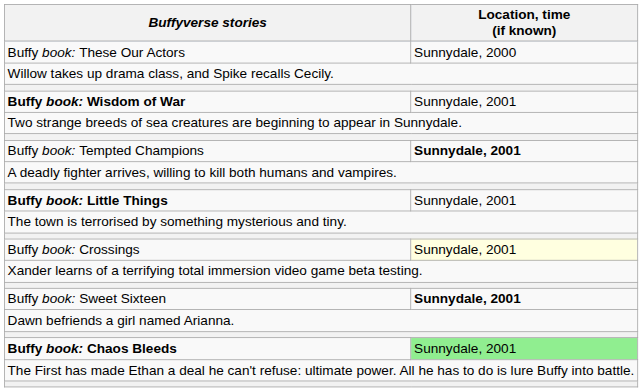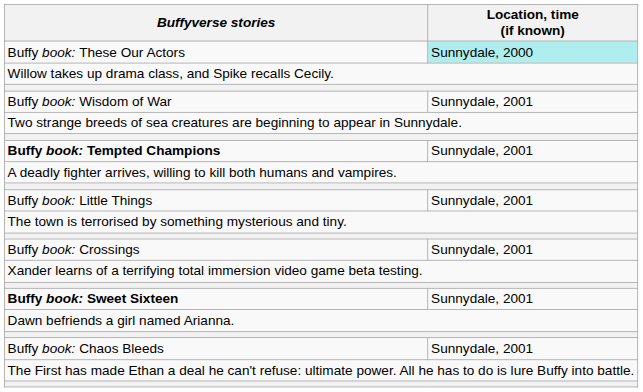 <table class="wikitable">
 <tr bgcolor="lightsteelblue" align=left>
 <th><strong><em>Buffyverse<em> stories<strong></th>
 <th></strong>Location, time<strong> <br>  (if known)</th>
 </tr>
 <tr>
 <td></em>Buffy<em> book: </em>These Our Actors<em></td>
-<td>Sunnydale, 2000</td>
+<td style="background: paleturquoise;">Sunnydale, 2000</td>
 </tr>
 <tr>
 <td colspan="4">Willow takes up drama class, and Spike recalls Cecily.</td>
 </tr>
 <tr>
 <td colspan="6" bgcolor="#f2f2f2"></td>
 </tr>
 <tr>
-<td><strong></em>Buffy<em> book: </em>Wisdom of War<em></strong></td>
+<td></em>Buffy<em> book: </em>Wisdom of War<em></td>
 <td>Sunnydale, 2001</td>
 </tr>
 <tr>
 <td colspan="4">Two strange breeds of sea creatures are beginning to appear in Sunnydale.</td>
 </tr>
 <tr>
 <td colspan="6" bgcolor="#f2f2f2"></td>
 </tr>
 <tr>
-<td></em>Buffy<em> book: </em>Tempted Champions<em></td>
-<td><strong>Sunnydale, 2001</strong></td>
+<td><strong></em>Buffy<em> book: </em>Tempted Champions<em></strong></td>
+<td>Sunnydale, 2001</td>
 </tr>
 <tr>
 <td colspan="4">A deadly fighter arrives, willing to kill both humans and vampires.</td>
 </tr>
 <tr>
 <td colspan="6" bgcolor="#f2f2f2"></td>
 </tr>
 <tr>
-<td><strong></em>Buffy<em> book: </em>Little Things<em></strong></td>
+<td></em>Buffy<em> book: </em>Little Things<em></td>
 <td>Sunnydale, 2001</td>
 </tr>
 <tr>
 <td colspan="4">The town is terrorised by something mysterious and tiny.</td>
 </tr>
 <tr>
 <td colspan="6" bgcolor="#f2f2f2"></td>
 </tr>
 <tr>
 <td></em>Buffy<em> book: </em>Crossings<em></td>
-<td style="background: lightyellow;">Sunnydale, 2001</td>
+<td>Sunnydale, 2001</td>
 </tr>
 <tr>
 <td colspan="4">Xander learns of a terrifying total immersion video game beta testing.</td>
 </tr>
 <tr>
 <td colspan="6" bgcolor="#f2f2f2"></td>
 </tr>
 <tr>
-<td></em>Buffy<em> book: </em>Sweet Sixteen<em></td>
-<td><strong>Sunnydale, 2001</strong></td>
+<td><strong></em>Buffy<em> book: </em>Sweet Sixteen<em></strong></td>
+<td>Sunnydale, 2001</td>
 </tr>
 <tr>
 <td colspan="4">Dawn befriends a girl named Arianna.</td>
 </tr>
 <tr>
 <td colspan="6" bgcolor="#f2f2f2"></td>
 </tr>
 <tr>
-<td><strong></em>Buffy<em> book: </em>Chaos Bleeds<em></strong></td>
-<td style="background: lightgreen;">Sunnydale, 2001</td>
+<td></em>Buffy<em> book: </em>Chaos Bleeds<em></td>
+<td>Sunnydale, 2001</td>
 </tr>
 <tr>
 <td colspan="4">The First has made Ethan a deal he can't refuse: ultimate power. All he has to do is lure Buffy into battle.</td>
 </tr>
 <tr>
 <td colspan="6" bgcolor="#f2f2f2"></td>
 </tr>
 </table>
